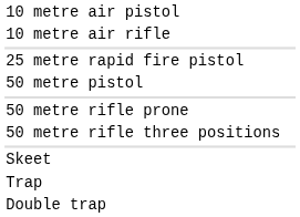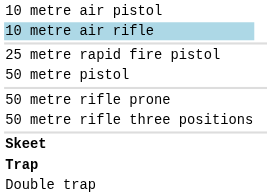 <table>
 <tr>
 <td>10 metre air pistol <br></td>
 <td></td>
 <td></td>
 <td></td>
 </tr>
 <tr>
-<td>10 metre air rifle <br></td>
+<td style="background: lightblue;">10 metre air rifle <br></td>
 <td></td>
 <td></td>
 <td></td>
 </tr>
 <tr bgcolor=#DDDDDD>
 <td colspan=7></td>
 </tr>
 <tr>
 <td>25 metre rapid fire pistol <br></td>
 <td></td>
 <td></td>
 <td></td>
 </tr>
 <tr>
 <td>50 metre pistol <br></td>
 <td></td>
 <td></td>
 <td></td>
 </tr>
 <tr bgcolor=#DDDDDD>
 <td colspan=7></td>
 </tr>
 <tr>
 <td>50 metre rifle prone <br></td>
 <td></td>
 <td></td>
 <td></td>
 </tr>
 <tr>
 <td>50 metre rifle three positions <br></td>
 <td></td>
 <td></td>
 <td></td>
 </tr>
 <tr bgcolor=#DDDDDD>
 <td colspan=7></td>
 </tr>
 <tr>
-<td>Skeet <br></td>
+<td><strong>Skeet <br></strong></td>
 <td></td>
 <td></td>
 <td></td>
 </tr>
 <tr>
-<td>Trap <br></td>
+<td><strong>Trap <br></strong></td>
 <td></td>
 <td></td>
 <td></td>
 </tr>
 <tr>
 <td>Double trap <br></td>
 <td></td>
 <td></td>
 <td></td>
 </tr>
 <tr>
 </tr>
 </table>
